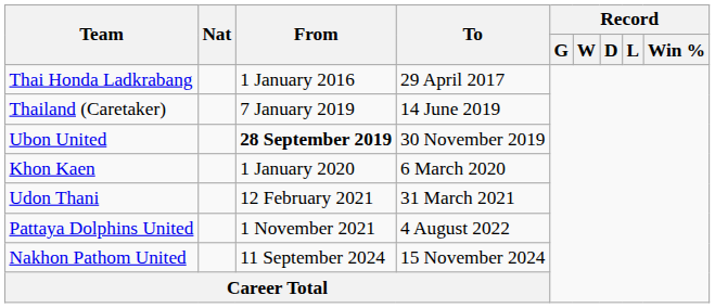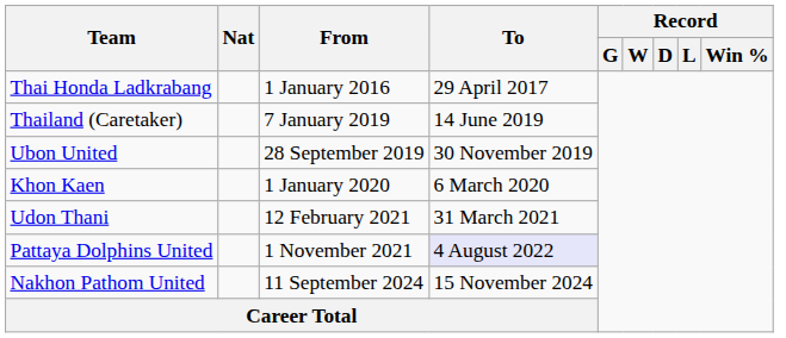 <table class="wikitable" style="text-align: center">
 <tr>
 <th rowspan="2">Team</th>
 <th rowspan="2">Nat</th>
 <th rowspan="2">From</th>
 <th rowspan="2">To</th>
 <th colspan="5">Record</th>
 </tr>
 <tr>
 <th>G</th>
 <th>W</th>
 <th>D</th>
 <th>L</th>
 <th>Win %</th>
 </tr>
 <tr>
 <td align="left"><a href='#'>Thai Honda Ladkrabang</a></td>
 <td></td>
 <td align="left">1 January 2016</td>
 <td align="left">29 April 2017<br></td>
 </tr>
 <tr>
 <td align="left"><a href='#'>Thailand</a> (Caretaker)</td>
 <td></td>
 <td align="left">7 January 2019</td>
 <td align="left">14 June 2019<br></td>
 </tr>
 <tr>
 <td align="left"><a href='#'>Ubon United</a></td>
 <td></td>
-<td align="left"><strong>28 September 2019</strong></td>
+<td align="left">28 September 2019</td>
 <td align="left">30 November 2019<br></td>
 </tr>
 <tr>
 <td align="left"><a href='#'>Khon Kaen</a></td>
 <td></td>
 <td align="left">1 January 2020</td>
 <td align="left">6 March 2020<br></td>
 </tr>
 <tr>
 <td align="left"><a href='#'>Udon Thani</a></td>
 <td></td>
 <td align="left">12 February 2021</td>
 <td align="left">31 March 2021<br></td>
 </tr>
 <tr>
 <td align="left"><a href='#'>Pattaya Dolphins United</a></td>
 <td></td>
 <td align="left">1 November 2021</td>
-<td align="left">4 August 2022<br></td>
+<td align="left" style="background: lavender;">4 August 2022<br></td>
 </tr>
 <tr>
 <td align="left"><a href='#'>Nakhon Pathom United</a></td>
 <td></td>
 <td align="left">11 September 2024</td>
 <td align="left">15 November 2024<br></td>
 </tr>
 <tr>
 <th colspan="4">Career Total<br></th>
 </tr>
 </table>
